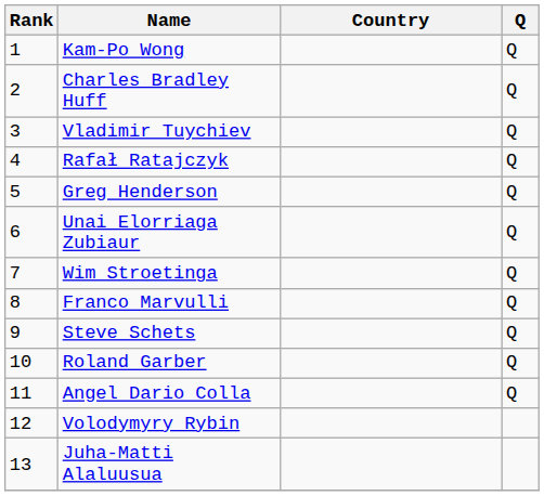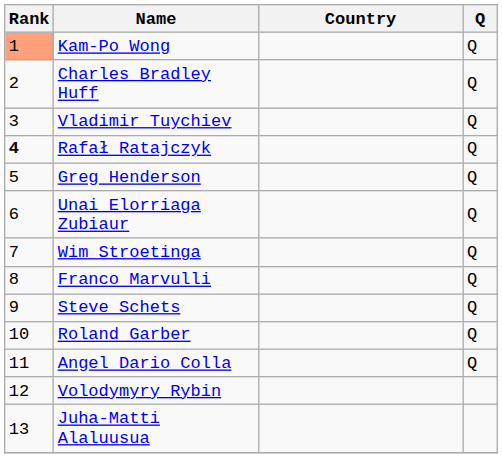 <table class="wikitable">
 <tr>
 <th width=20>Rank</th>
 <th width=150>Name</th>
 <th width=150>Country</th>
 <th width=20>Q</th>
 </tr>
 <tr>
-<td>1</td>
+<td style="background: lightsalmon;">1</td>
 <td><a href='#'>Kam-Po Wong</a></td>
 <td></td>
 <td>Q</td>
 </tr>
 <tr>
 <td>2</td>
 <td><a href='#'>Charles Bradley Huff</a></td>
 <td></td>
 <td>Q</td>
 </tr>
 <tr>
 <td>3</td>
 <td><a href='#'>Vladimir Tuychiev</a></td>
 <td></td>
 <td>Q</td>
 </tr>
 <tr>
-<td>4</td>
+<td><strong>4</strong></td>
 <td><a href='#'>Rafał Ratajczyk</a></td>
 <td></td>
 <td>Q</td>
 </tr>
 <tr>
 <td>5</td>
 <td><a href='#'>Greg Henderson</a></td>
 <td></td>
 <td>Q</td>
 </tr>
 <tr>
 <td>6</td>
 <td><a href='#'>Unai Elorriaga Zubiaur</a></td>
 <td></td>
 <td>Q</td>
 </tr>
 <tr>
 <td>7</td>
 <td><a href='#'>Wim Stroetinga</a></td>
 <td></td>
 <td>Q</td>
 </tr>
 <tr>
 <td>8</td>
 <td><a href='#'>Franco Marvulli</a></td>
 <td></td>
 <td>Q</td>
 </tr>
 <tr>
 <td>9</td>
 <td><a href='#'>Steve Schets</a></td>
 <td></td>
 <td>Q</td>
 </tr>
 <tr>
 <td>10</td>
 <td><a href='#'>Roland Garber</a></td>
 <td></td>
 <td>Q</td>
 </tr>
 <tr>
 <td>11</td>
 <td><a href='#'>Angel Dario Colla</a></td>
 <td></td>
 <td>Q</td>
 </tr>
 <tr>
 <td>12</td>
 <td><a href='#'>Volodymyry Rybin</a></td>
 <td></td>
 <td></td>
 </tr>
 <tr>
 <td>13</td>
 <td><a href='#'>Juha-Matti Alaluusua</a></td>
 <td></td>
 <td></td>
 </tr>
 <tr>
 </tr>
 </table>
